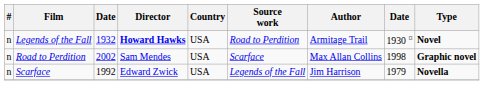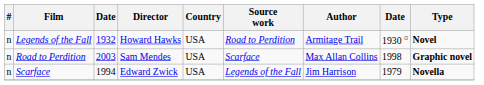 <table class="wikitable">
 <tr>
 <th>#</th>
 <th>Film</th>
 <th>Date</th>
 <th>Director</th>
 <th>Country</th>
 <th>Source<br>work</th>
 <th>Author</th>
 <th>Date</th>
 <th>Type</th>
 </tr>
 <tr>
 <td>n</td>
 <td><em><a href='#'>Legends of the Fall</a></em></td>
 <td><a href='#'>1932</a></td>
-<td><strong><a href='#'>Howard Hawks</a></strong></td>
+<td><a href='#'>Howard Hawks</a></td>
 <td>USA</td>
 <td><em><a href='#'>Road to Perdition</a></em></td>
 <td><a href='#'>Armitage Trail</a></td>
 <td>1930 <sup>¤</sup></td>
 <td><strong>Novel</strong></td>
 </tr>
 <tr>
 <td>n</td>
 <td><em><a href='#'>Road to Perdition</a></em></td>
-<td><a href='#'>2002</a></td>
+<td><a href='#'>2003</a></td>
 <td><a href='#'>Sam Mendes</a></td>
 <td>USA</td>
 <td><em><a href='#'>Scarface</a></em></td>
 <td><a href='#'>Max Allan Collins</a></td>
 <td>1998</td>
 <td><strong>Graphic novel</strong></td>
 </tr>
 <tr>
 <td>n</td>
 <td><em><a href='#'>Scarface</a></em> </td>
-<td>1992</td>
+<td>1994</td>
 <td><a href='#'>Edward Zwick</a></td>
 <td>USA</td>
 <td><em><a href='#'>Legends of the Fall</a></em></td>
 <td><a href='#'>Jim Harrison</a></td>
 <td>1979</td>
 <td><strong>Novella</strong></td>
 </tr>
 <tr>
 </tr>
 </table>
